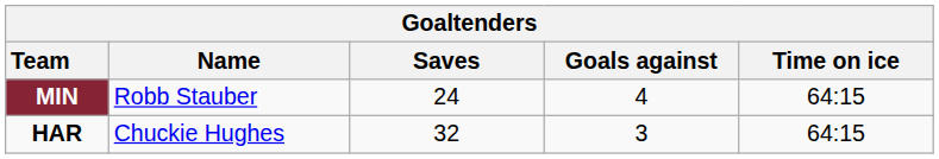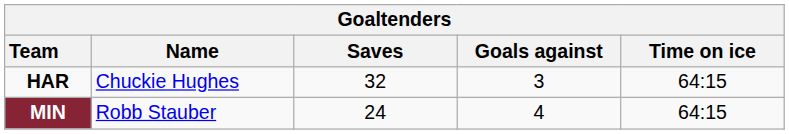 <table class="wikitable" style="width:40em; text-align:right;">
 <tr>
 <th colspan=5>Goaltenders</th>
 </tr>
 <tr>
 <th style="width:4em; text-align:left;">Team</th>
 <th style="width:10em;">Name</th>
 <th style="width:8em;">Saves</th>
 <th style="width:8em;">Goals against</th>
 <th style="width:8em;">Time on ice</th>
 </tr>
 <tr>
+<td align=center><strong>HAR</strong></td>
+<td style="text-align:left;"><a href='#'>Chuckie Hughes</a></td>
+<td align=center>32</td>
+<td align=center>3</td>
+<td align=center>64:15</td>
+</tr>
+<tr>
 <td align=center style="color:white; background:#862334; "><strong>MIN</strong></td>
 <td style="text-align:left;"><a href='#'>Robb Stauber</a></td>
 <td align=center>24</td>
 <td align=center>4</td>
 <td align=center>64:15</td>
 </tr>
-<tr>
-<td align=center><strong>HAR</strong></td>
-<td style="text-align:left;"><a href='#'>Chuckie Hughes</a></td>
-<td align=center>32</td>
-<td align=center>3</td>
-<td align=center>64:15</td>
-</tr>
 </table>
